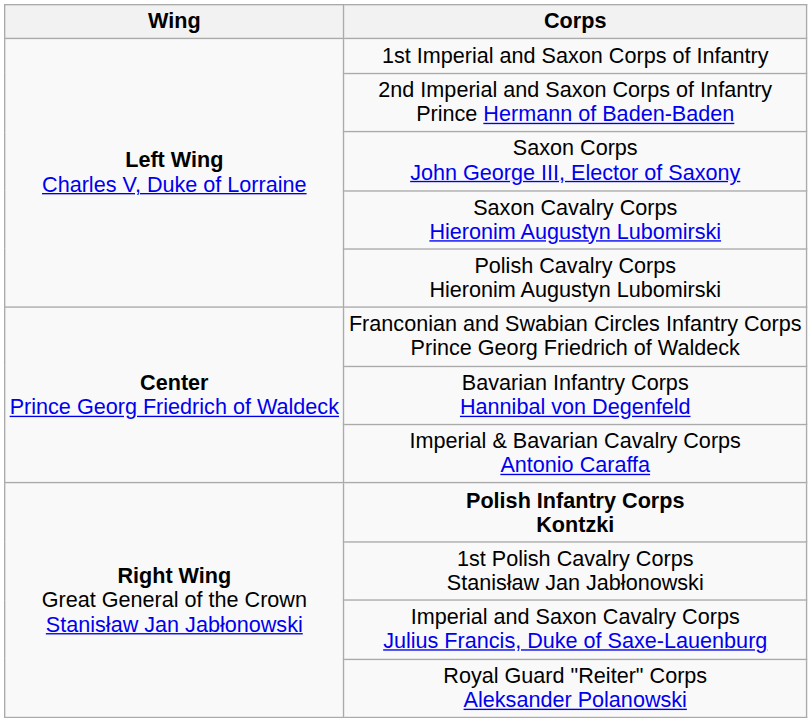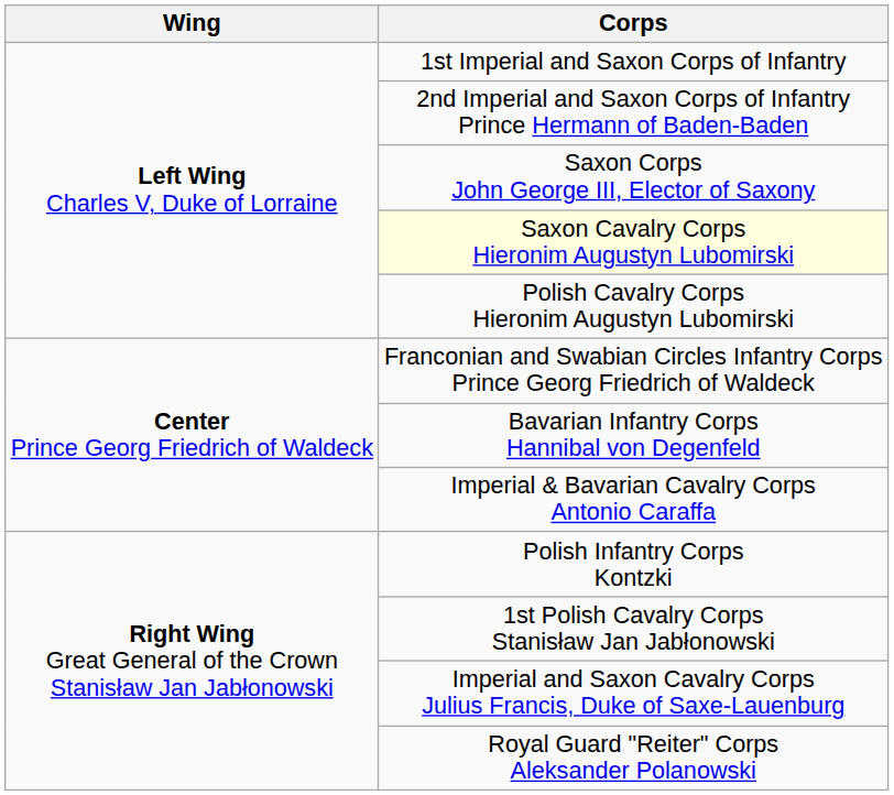 <table class="wikitable mw-collapsible" style="text-align:center">
 <tr>
 <th>Wing</th>
 <th>Corps</th>
 </tr>
 <tr>
 <td rowspan="5"><strong>Left Wing</strong><br><a href='#'>Charles V, Duke of Lorraine</a></td>
 <td>1st Imperial and Saxon Corps of Infantry<br></td>
 </tr>
 <tr>
 <td>2nd Imperial and Saxon Corps of Infantry<br>Prince <a href='#'>Hermann of Baden-Baden</a></td>
 </tr>
 <tr>
 <td>Saxon Corps<br><a href='#'>John George III, Elector of Saxony</a></td>
 </tr>
 <tr>
-<td>Saxon Cavalry Corps<br><a href='#'>Hieronim Augustyn Lubomirski</a></td>
+<td style="background: lightyellow;">Saxon Cavalry Corps<br><a href='#'>Hieronim Augustyn Lubomirski</a></td>
 </tr>
 <tr>
 <td>Polish Cavalry Corps<br>Hieronim Augustyn Lubomirski</td>
 </tr>
 <tr>
 <td rowspan="3"><strong>Center</strong><br><a href='#'>Prince Georg Friedrich of Waldeck</a></td>
 <td>Franconian and Swabian Circles Infantry Corps<br>Prince Georg Friedrich of Waldeck</td>
 </tr>
 <tr>
 <td>Bavarian Infantry Corps<br><a href='#'>Hannibal von Degenfeld</a></td>
 </tr>
 <tr>
 <td>Imperial & Bavarian Cavalry Corps<br><a href='#'>Antonio Caraffa</a></td>
 </tr>
 <tr>
 <td rowspan="4"><strong>Right Wing</strong><br>Great General of the Crown<br><a href='#'>Stanisław Jan Jabłonowski</a></td>
-<td><strong>Polish Infantry Corps<br>Kontzki</strong></td>
+<td>Polish Infantry Corps<br>Kontzki</td>
 </tr>
 <tr>
 <td>1st Polish Cavalry Corps<br>Stanisław Jan Jabłonowski</td>
 </tr>
 <tr>
 <td>Imperial and Saxon Cavalry Corps<br><a href='#'>Julius Francis, Duke of Saxe-Lauenburg</a></td>
 </tr>
 <tr>
 <td>Royal Guard "Reiter" Corps<br><a href='#'>Aleksander Polanowski</a></td>
 </tr>
 </table>
